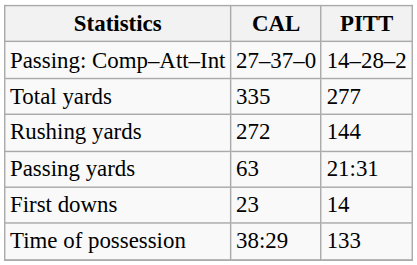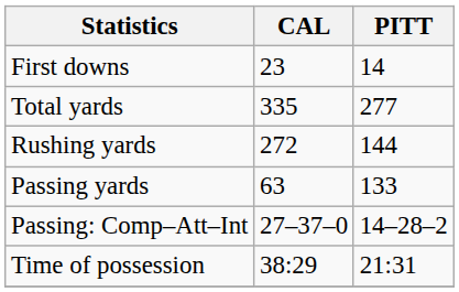 <table class="wikitable" style="float: left;">
 <tr>
 <th>Statistics</th>
 <th>CAL</th>
 <th>PITT</th>
 </tr>
 <tr>
-<td>Passing: Comp–Att–Int</td>
-<td>27–37–0</td>
-<td>14–28–2</td>
+<td>First downs</td>
+<td>23</td>
+<td>14</td>
 </tr>
 <tr>
 <td>Total yards</td>
 <td>335</td>
 <td>277</td>
 </tr>
 <tr>
 <td>Rushing yards</td>
 <td>272</td>
 <td>144</td>
 </tr>
 <tr>
 <td>Passing yards</td>
 <td>63</td>
-<td>21:31</td>
+<td>133</td>
 </tr>
 <tr>
-<td>First downs</td>
-<td>23</td>
-<td>14</td>
+<td>Passing: Comp–Att–Int</td>
+<td>27–37–0</td>
+<td>14–28–2</td>
 </tr>
 <tr>
 <td>Time of possession</td>
 <td>38:29</td>
-<td>133</td>
+<td>21:31</td>
 </tr>
 <tr>
 </tr>
 </table>
